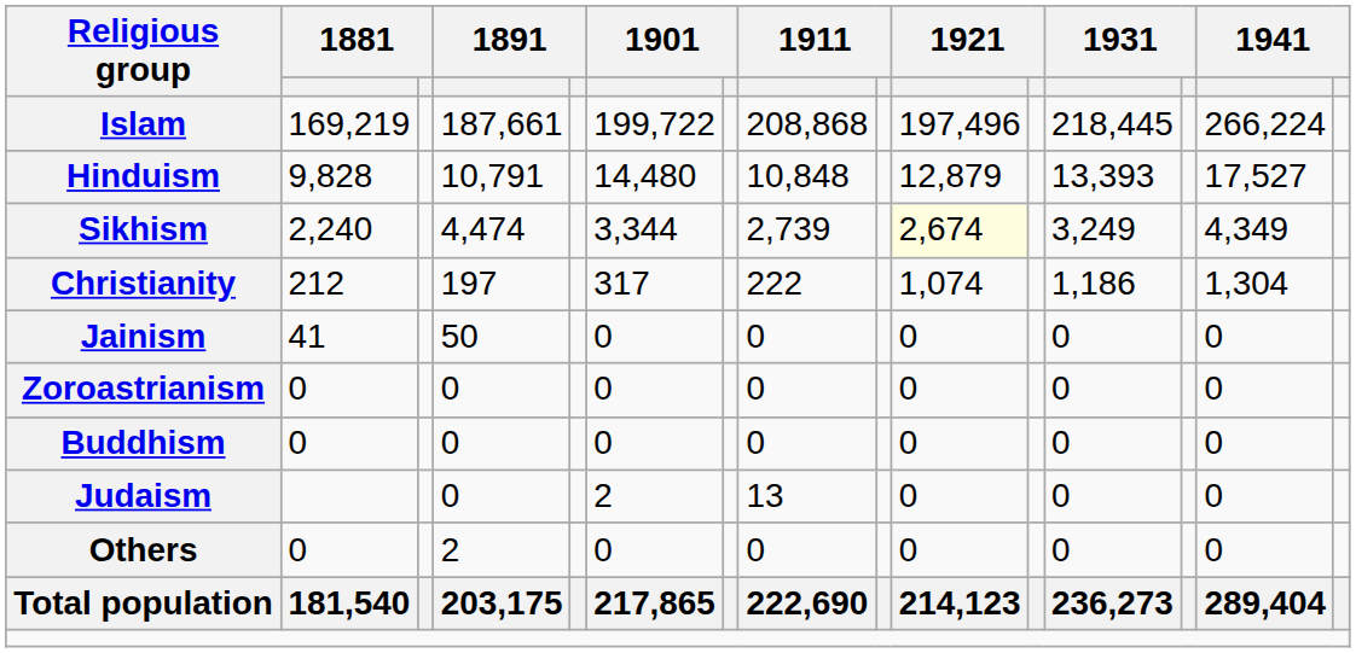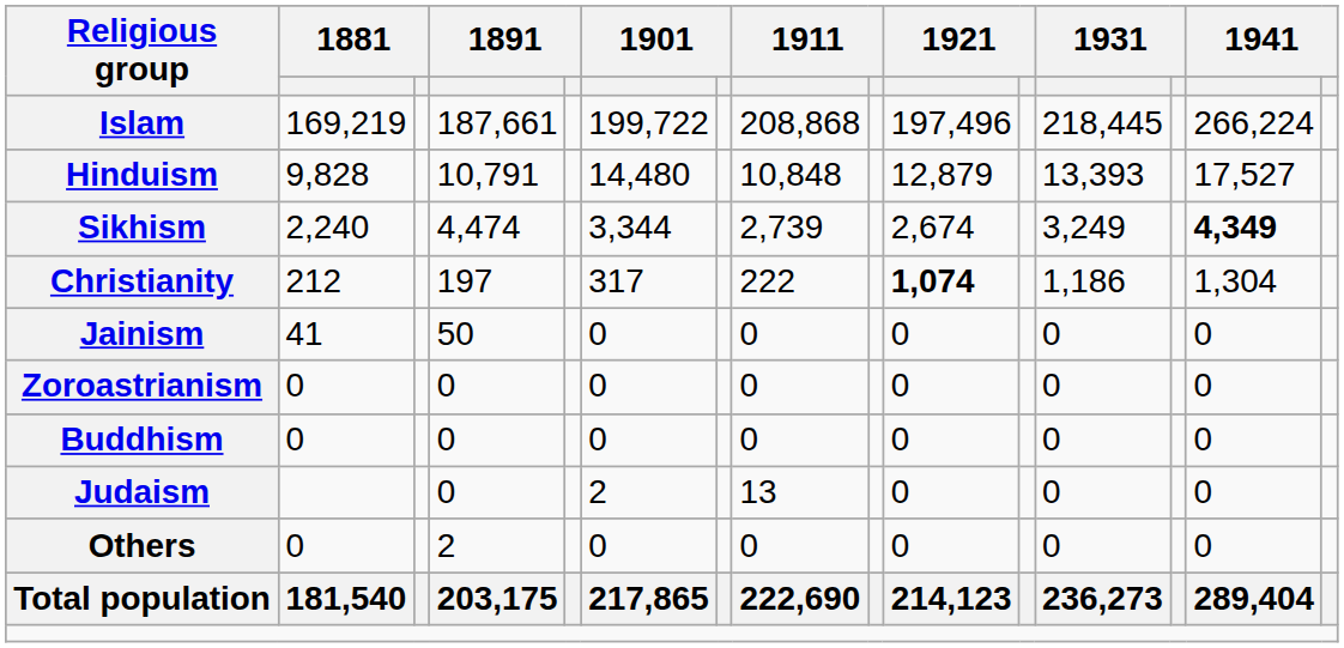 <table class="wikitable sortable">
 <tr>
 <th rowspan="2"><a href='#'>Religious</a><br>group</th>
 <th colspan="2">1881</th>
 <th colspan="2">1891</th>
 <th colspan="2">1901</th>
 <th colspan="2">1911</th>
 <th colspan="2">1921</th>
 <th colspan="2">1931</th>
 <th colspan="2">1941</th>
 </tr>
 <tr>
 <th><a href='#'></a></th>
 <th></th>
 <th></th>
 <th></th>
 <th></th>
 <th></th>
 <th></th>
 <th></th>
 <th></th>
 <th></th>
 <th></th>
 <th></th>
 <th></th>
 <th></th>
 </tr>
 <tr>
 <th><a href='#'>Islam</a> </th>
 <td>169,219</td>
 <td></td>
 <td>187,661</td>
 <td></td>
 <td>199,722</td>
 <td></td>
 <td>208,868</td>
 <td></td>
 <td>197,496</td>
 <td></td>
 <td>218,445</td>
 <td></td>
 <td>266,224</td>
 <td></td>
 </tr>
 <tr>
 <th><a href='#'>Hinduism</a> </th>
 <td>9,828</td>
 <td></td>
 <td>10,791</td>
 <td></td>
 <td>14,480</td>
 <td></td>
 <td>10,848</td>
 <td></td>
 <td>12,879</td>
 <td></td>
 <td>13,393</td>
 <td></td>
 <td>17,527</td>
 <td></td>
 </tr>
 <tr>
 <th><a href='#'>Sikhism</a> </th>
 <td>2,240</td>
 <td></td>
 <td>4,474</td>
 <td></td>
 <td>3,344</td>
 <td></td>
 <td>2,739</td>
 <td></td>
-<td style="background: lightyellow;">2,674</td>
+<td>2,674</td>
 <td></td>
 <td>3,249</td>
 <td></td>
-<td>4,349</td>
+<td><strong>4,349</strong></td>
 <td></td>
 </tr>
 <tr>
 <th><a href='#'>Christianity</a> </th>
 <td>212</td>
 <td></td>
 <td>197</td>
 <td></td>
 <td>317</td>
 <td></td>
 <td>222</td>
 <td></td>
-<td>1,074</td>
+<td><strong>1,074</strong></td>
 <td></td>
 <td>1,186</td>
 <td></td>
 <td>1,304</td>
 <td></td>
 </tr>
 <tr>
 <th><a href='#'>Jainism</a> </th>
 <td>41</td>
 <td></td>
 <td>50</td>
 <td></td>
 <td>0</td>
 <td></td>
 <td>0</td>
 <td></td>
 <td>0</td>
 <td></td>
 <td>0</td>
 <td></td>
 <td>0</td>
 <td></td>
 </tr>
 <tr>
 <th><a href='#'>Zoroastrianism</a> </th>
 <td>0</td>
 <td></td>
 <td>0</td>
 <td></td>
 <td>0</td>
 <td></td>
 <td>0</td>
 <td></td>
 <td>0</td>
 <td></td>
 <td>0</td>
 <td></td>
 <td>0</td>
 <td></td>
 </tr>
 <tr>
 <th><a href='#'>Buddhism</a> </th>
 <td>0</td>
 <td></td>
 <td>0</td>
 <td></td>
 <td>0</td>
 <td></td>
 <td>0</td>
 <td></td>
 <td>0</td>
 <td></td>
 <td>0</td>
 <td></td>
 <td>0</td>
 <td></td>
 </tr>
 <tr>
 <th><a href='#'>Judaism</a> </th>
 <td></td>
 <td></td>
 <td>0</td>
 <td></td>
 <td>2</td>
 <td></td>
 <td>13</td>
 <td></td>
 <td>0</td>
 <td></td>
 <td>0</td>
 <td></td>
 <td>0</td>
 <td></td>
 </tr>
 <tr>
 <th>Others</th>
 <td>0</td>
 <td></td>
 <td>2</td>
 <td></td>
 <td>0</td>
 <td></td>
 <td>0</td>
 <td></td>
 <td>0</td>
 <td></td>
 <td>0</td>
 <td></td>
 <td>0</td>
 <td></td>
 </tr>
 <tr>
 <th>Total population</th>
 <th>181,540</th>
 <th></th>
 <th>203,175</th>
 <th></th>
 <th>217,865</th>
 <th></th>
 <th>222,690</th>
 <th></th>
 <th>214,123</th>
 <th></th>
 <th>236,273</th>
 <th></th>
 <th>289,404</th>
 <th></th>
 </tr>
 <tr class="sortbottom">
 <td colspan="15"></td>
 </tr>
 </table>
